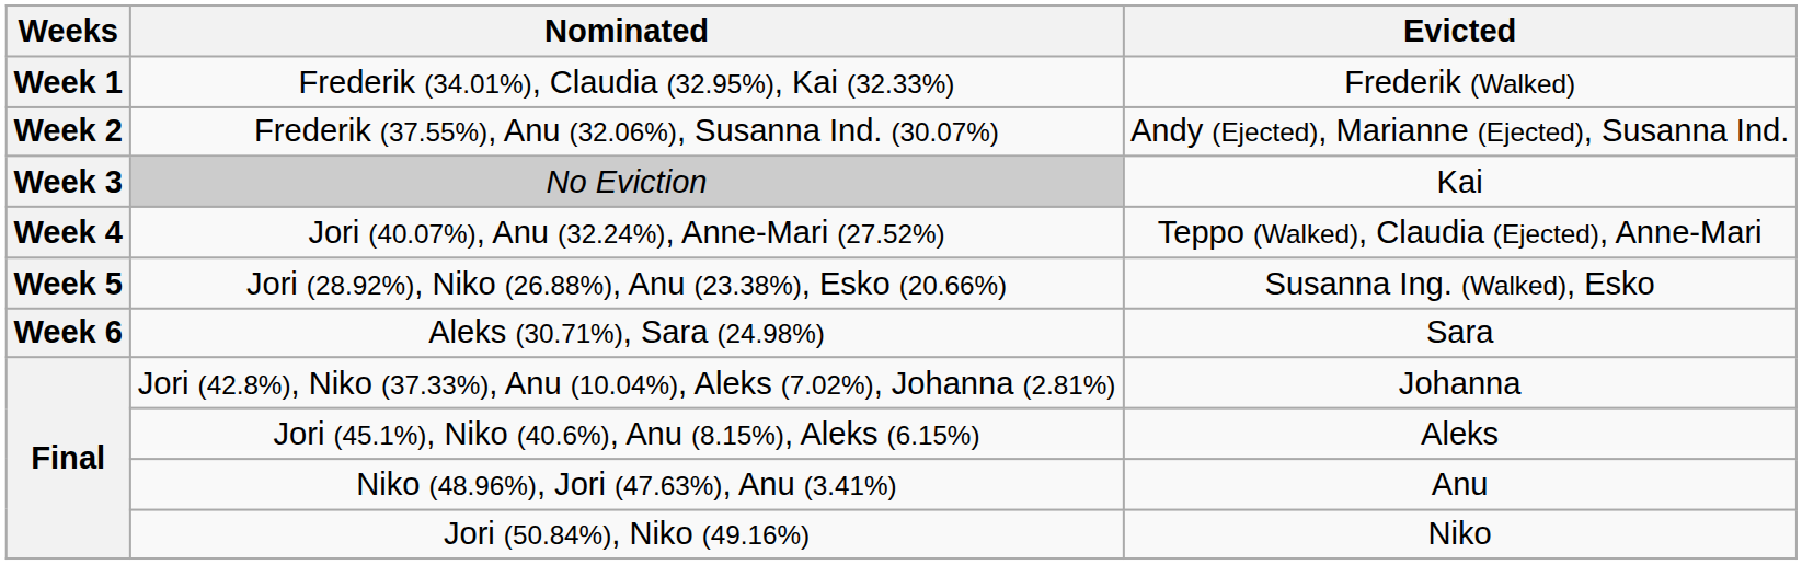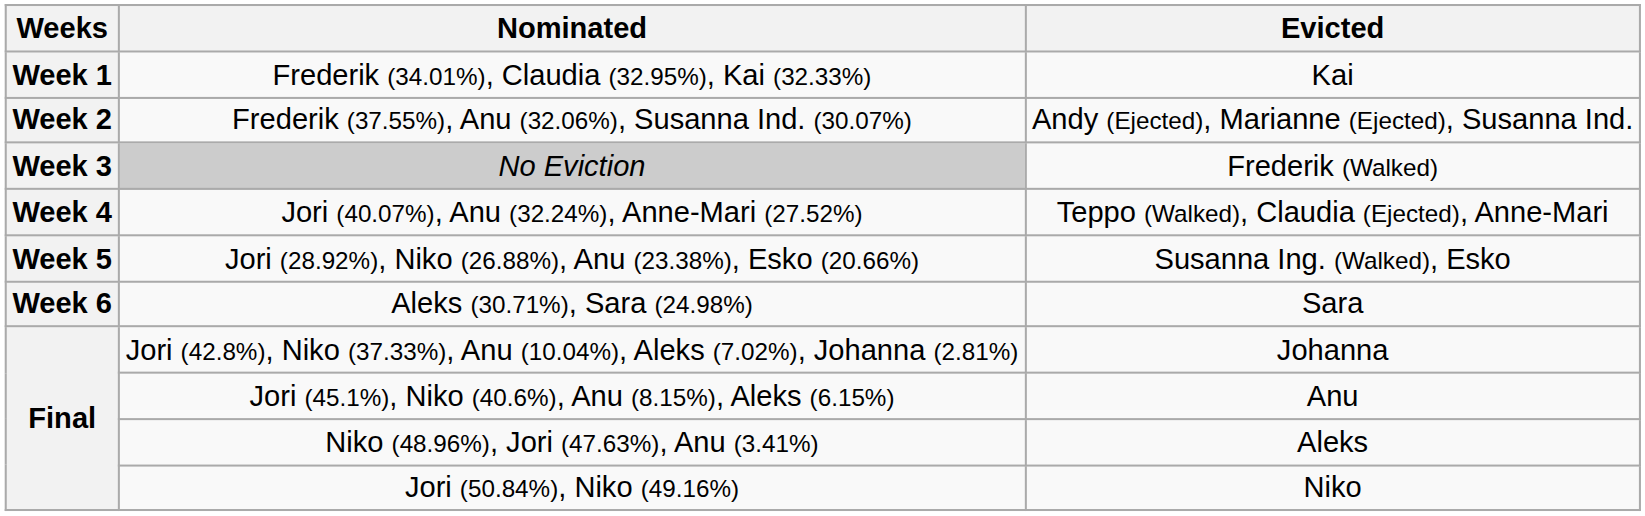 <table class="wikitable" style="font-size:90%; text-align:center; margin-left: auto; margin-right: auto">
 <tr>
 <th>Weeks</th>
 <th>Nominated</th>
 <th>Evicted</th>
 </tr>
 <tr>
 <th>Week 1</th>
 <td>Frederik <small>(34.01%)</small>, Claudia <small>(32.95%)</small>, Kai <small>(32.33%)</small></td>
-<td>Frederik <small>(Walked)</small></td>
+<td>Kai</td>
 </tr>
 <tr>
 <th>Week 2</th>
 <td>Frederik <small>(37.55%)</small>, Anu <small>(32.06%)</small>, Susanna Ind. <small>(30.07%)</small></td>
 <td>Andy <small>(Ejected)</small>, Marianne <small>(Ejected)</small>, Susanna Ind.</td>
 </tr>
 <tr>
 <th>Week 3</th>
 <td style="background:#ccc"><em>No Eviction</em></td>
-<td>Kai</td>
+<td>Frederik <small>(Walked)</small></td>
 </tr>
 <tr>
 <th>Week 4</th>
 <td>Jori <small>(40.07%)</small>, Anu <small>(32.24%)</small>, Anne-Mari <small>(27.52%)</small></td>
 <td>Teppo <small>(Walked)</small>, Claudia <small>(Ejected)</small>, Anne-Mari</td>
 </tr>
 <tr>
 <th>Week 5</th>
 <td>Jori <small>(28.92%)</small>, Niko <small>(26.88%)</small>, Anu <small>(23.38%)</small>, Esko <small>(20.66%)</small></td>
 <td>Susanna Ing. <small>(Walked)</small>, Esko</td>
 </tr>
 <tr>
 <th>Week 6</th>
 <td>Aleks <small>(30.71%)</small>, Sara <small>(24.98%)</small></td>
 <td>Sara</td>
 </tr>
 <tr>
 <th rowspan=4>Final</th>
 <td>Jori <small>(42.8%)</small>, Niko <small>(37.33%)</small>, Anu <small>(10.04%)</small>, Aleks <small>(7.02%)</small>, Johanna <small>(2.81%)</small></td>
 <td>Johanna</td>
 </tr>
 <tr>
 <td>Jori <small>(45.1%)</small>, Niko <small>(40.6%)</small>, Anu <small>(8.15%)</small>, Aleks <small>(6.15%)</small></td>
-<td>Aleks</td>
+<td>Anu</td>
 </tr>
 <tr>
 <td>Niko <small>(48.96%)</small>, Jori <small>(47.63%)</small>, Anu <small>(3.41%)</small></td>
-<td>Anu</td>
+<td>Aleks</td>
 </tr>
 <tr>
 <td>Jori <small>(50.84%)</small>, Niko <small>(49.16%)</small></td>
 <td>Niko</td>
 </tr>
 </table>
